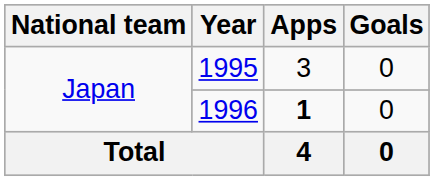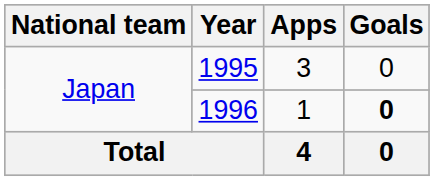 <table class="wikitable" style="text-align:center">
 <tr>
 <th>National team</th>
 <th>Year</th>
 <th>Apps</th>
 <th>Goals</th>
 </tr>
 <tr>
 <td rowspan="2"><a href='#'>Japan</a></td>
 <td><a href='#'>1995</a></td>
 <td>3</td>
 <td>0</td>
 </tr>
 <tr>
 <td><a href='#'>1996</a></td>
-<td><strong>1</strong></td>
-<td>0</td>
+<td>1</td>
+<td><strong>0</strong></td>
 </tr>
 <tr>
 <th colspan="2">Total</th>
 <th>4</th>
 <th>0</th>
 </tr>
 </table>
